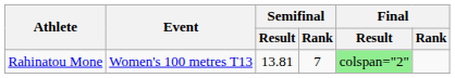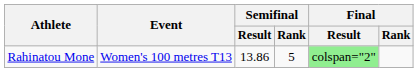 <table class="wikitable" style="text-align: center; font-size:90%">
 <tr>
 <th rowspan="2">Athlete</th>
 <th rowspan="2">Event</th>
 <th colspan="2">Semifinal</th>
 <th colspan="2">Final</th>
 </tr>
 <tr style="font-size:95%">
 <th>Result</th>
 <th>Rank</th>
 <th>Result</th>
 <th>Rank</th>
 </tr>
 <tr>
 <td align=left><a href='#'>Rahinatou Mone</a></td>
 <td align=left><a href='#'>Women's 100 metres T13</a></td>
-<td>13.81</td>
-<td>7</td>
+<td>13.86</td>
+<td>5</td>
 <td style="background: lightgreen;">colspan="2" </td>
 </tr>
 </table>
